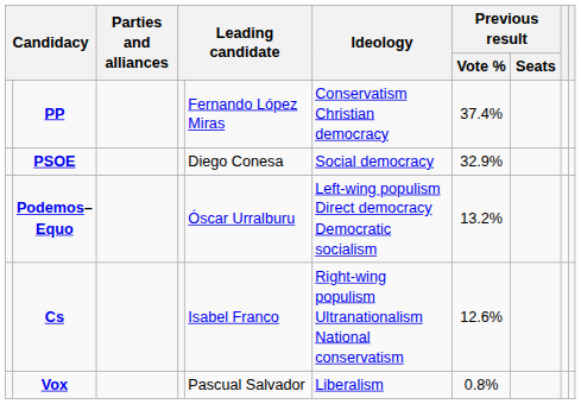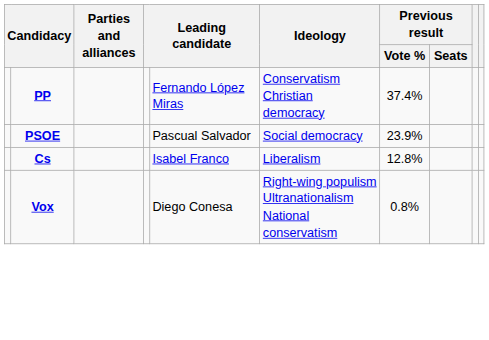 <table class="wikitable" style="line-height:1.35em; text-align:left;">
 <tr>
 <th colspan="2" rowspan="2">Candidacy</th>
 <th rowspan="2">Parties and<br>alliances</th>
 <th colspan="2" rowspan="2">Leading candidate</th>
 <th rowspan="2">Ideology</th>
 <th colspan="2">Previous result</th>
 <th rowspan="2"></th>
 <th rowspan="2"></th>
 </tr>
 <tr>
 <th>Vote %</th>
 <th>Seats</th>
 </tr>
 <tr>
 <td width="1" style="color:inherit;background:"></td>
 <td align="center"><strong><a href='#'>PP</a></strong></td>
 <td></td>
 <td></td>
 <td><a href='#'>Fernando López Miras</a></td>
 <td><a href='#'>Conservatism</a><br><a href='#'>Christian democracy</a></td>
 <td align="center">37.4%</td>
 <td></td>
 <td></td>
 <td><br></td>
 </tr>
 <tr>
 <td style="color:inherit;background:"></td>
 <td align="center"><strong><a href='#'>PSOE</a></strong></td>
 <td></td>
 <td></td>
-<td>Diego Conesa</td>
+<td>Pascual Salvador</td>
 <td><a href='#'>Social democracy</a></td>
-<td align="center">32.9%</td>
-<td></td>
-<td></td>
-<td></td>
-</tr>
-<tr>
-<td style="color:inherit;background:"></td>
-<td align="center"><strong><a href='#'>Podemos</a>–<br><a href='#'>Equo</a></strong></td>
-<td></td>
-<td></td>
-<td><a href='#'>Óscar Urralburu</a></td>
-<td><a href='#'>Left-wing populism</a><br><a href='#'>Direct democracy</a><br><a href='#'>Democratic socialism</a></td>
-<td align="center">13.2%</td>
+<td align="center">23.9%</td>
 <td></td>
 <td></td>
 <td></td>
 </tr>
 <tr>
 <td style="color:inherit;background:"></td>
 <td align="center"><strong><a href='#'>Cs</a></strong></td>
 <td></td>
 <td></td>
 <td><a href='#'>Isabel Franco</a></td>
-<td><a href='#'>Right-wing populism</a><br><a href='#'>Ultranationalism</a><br><a href='#'>National conservatism</a></td>
-<td align="center">12.6%</td>
+<td><a href='#'>Liberalism</a></td>
+<td align="center">12.8%</td>
 <td></td>
 <td></td>
 <td></td>
 </tr>
 <tr>
 <td style="color:inherit;background:"></td>
 <td align="center"><strong><a href='#'>Vox</a></strong></td>
 <td></td>
 <td></td>
-<td>Pascual Salvador</td>
-<td><a href='#'>Liberalism</a></td>
+<td>Diego Conesa</td>
+<td><a href='#'>Right-wing populism</a><br><a href='#'>Ultranationalism</a><br><a href='#'>National conservatism</a></td>
 <td align="center">0.8%</td>
 <td></td>
 <td></td>
 <td></td>
 </tr>
 </table>
